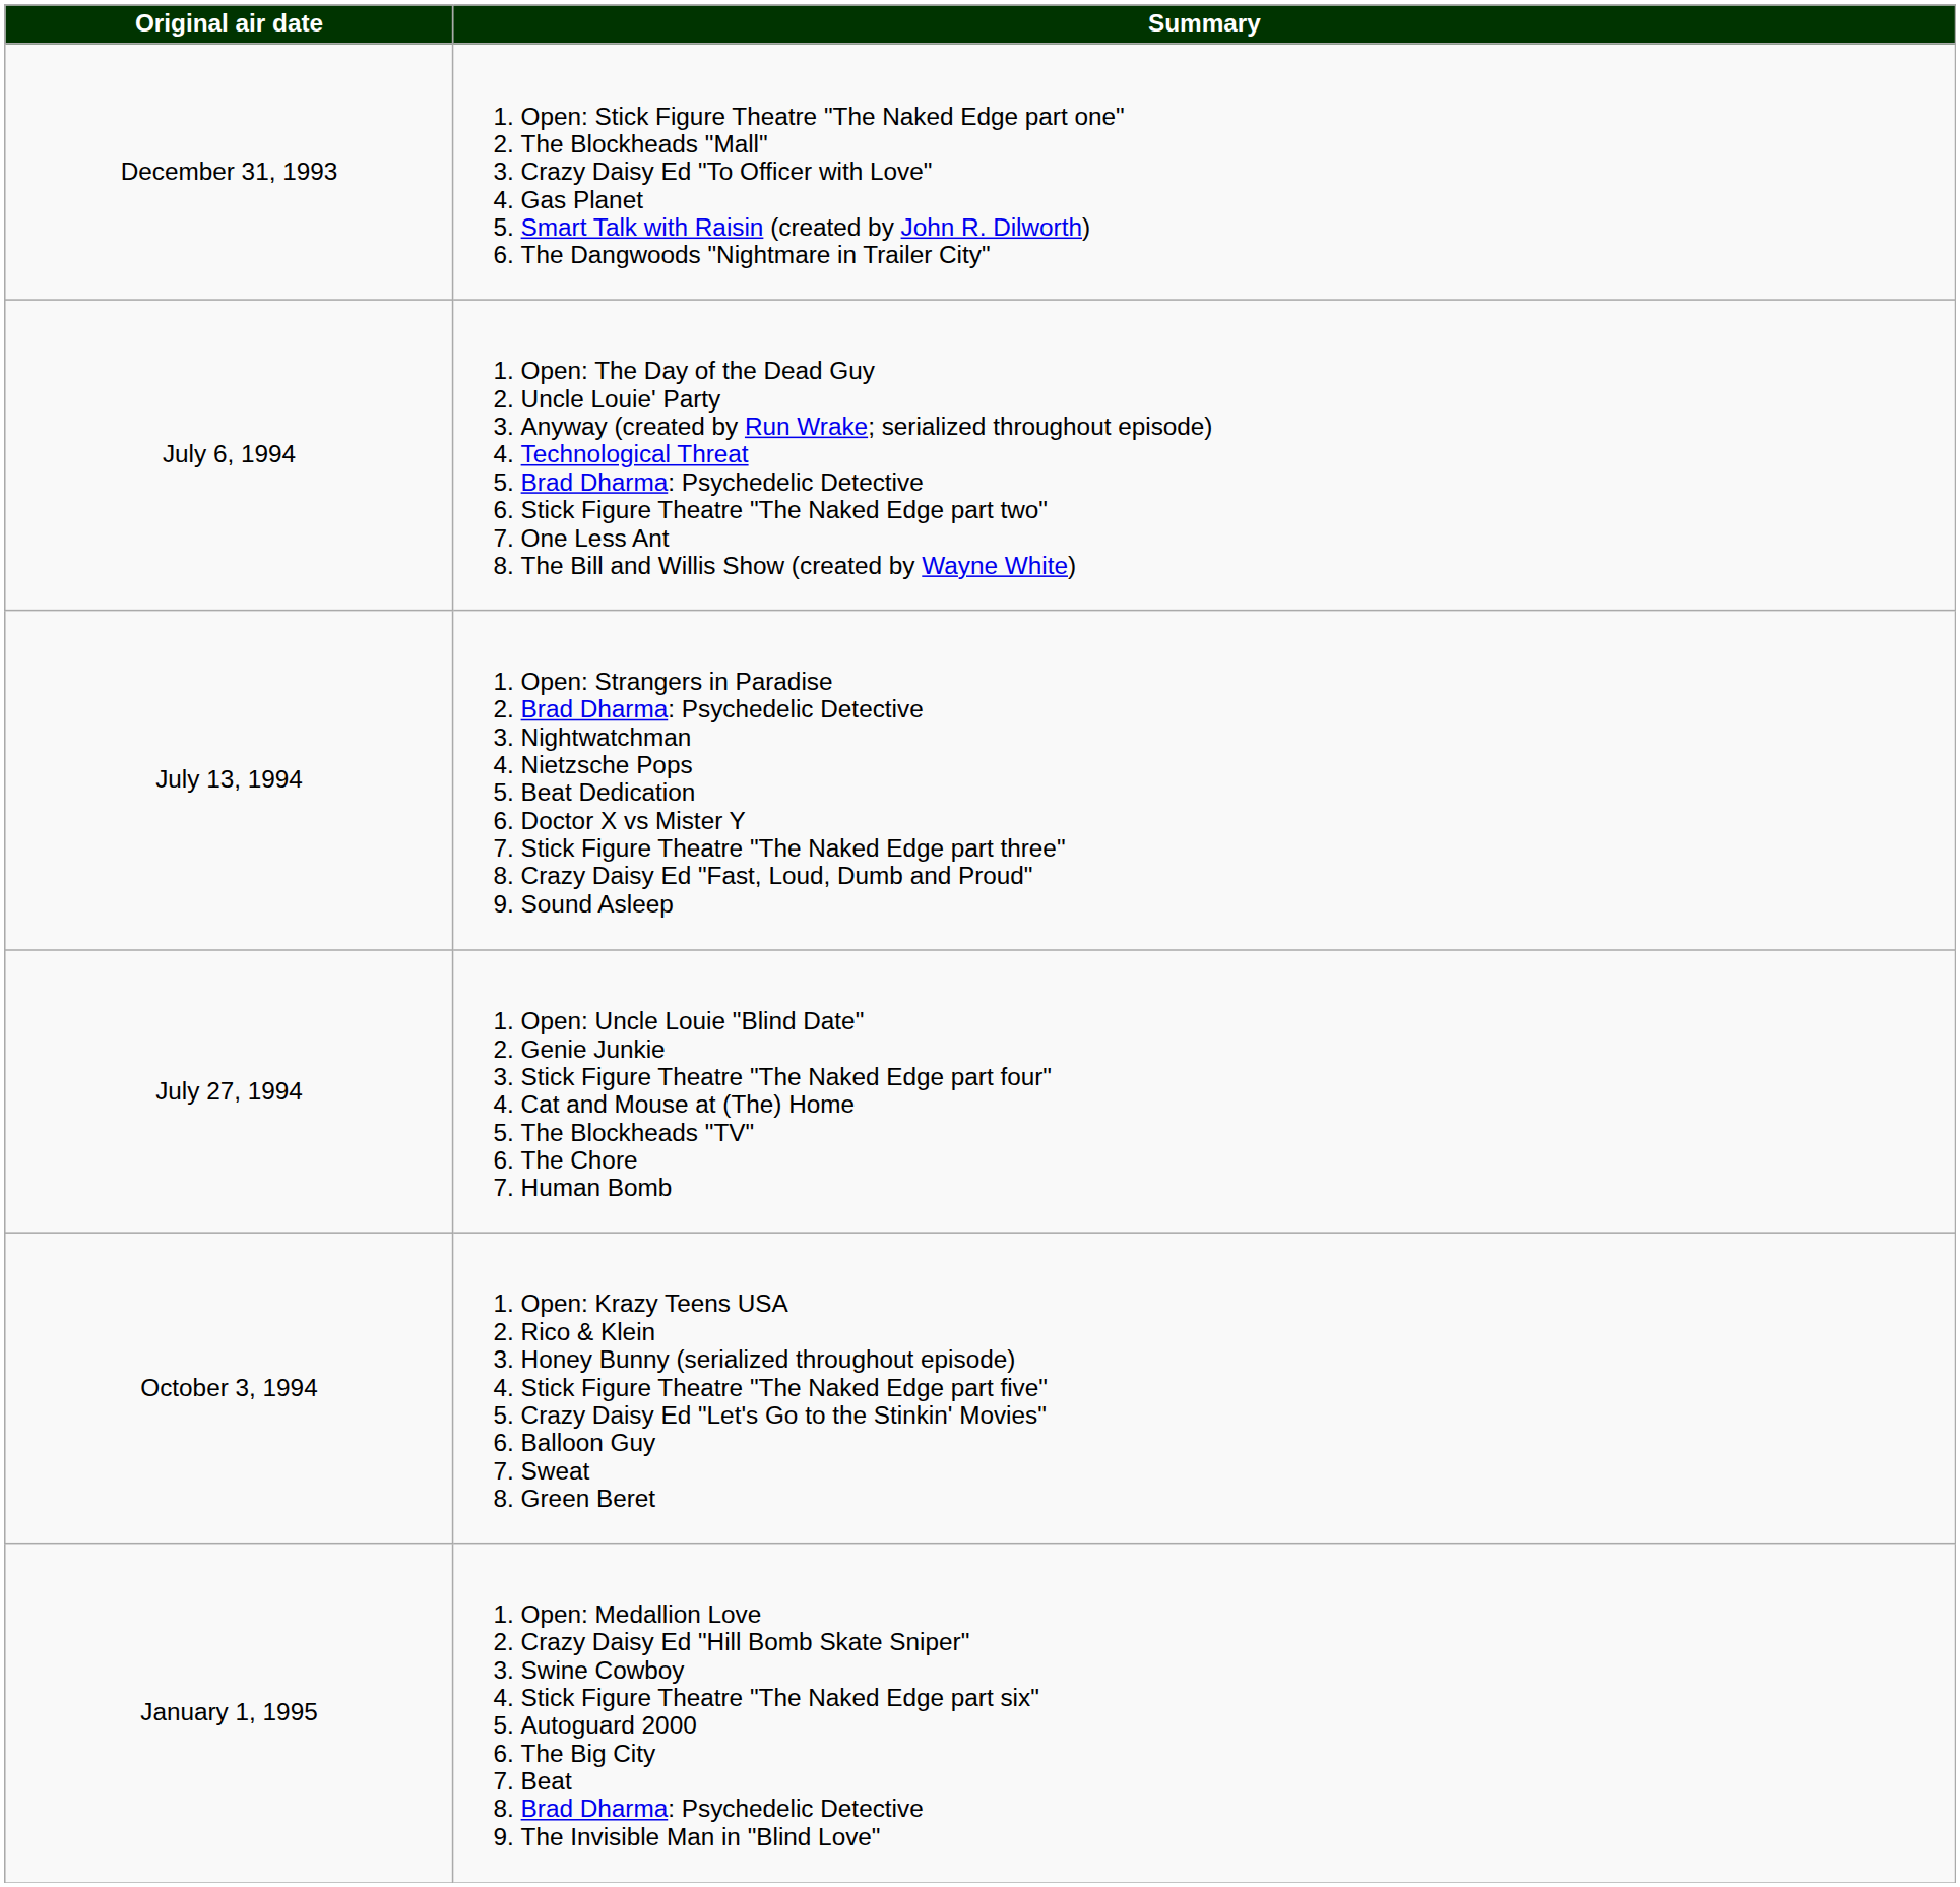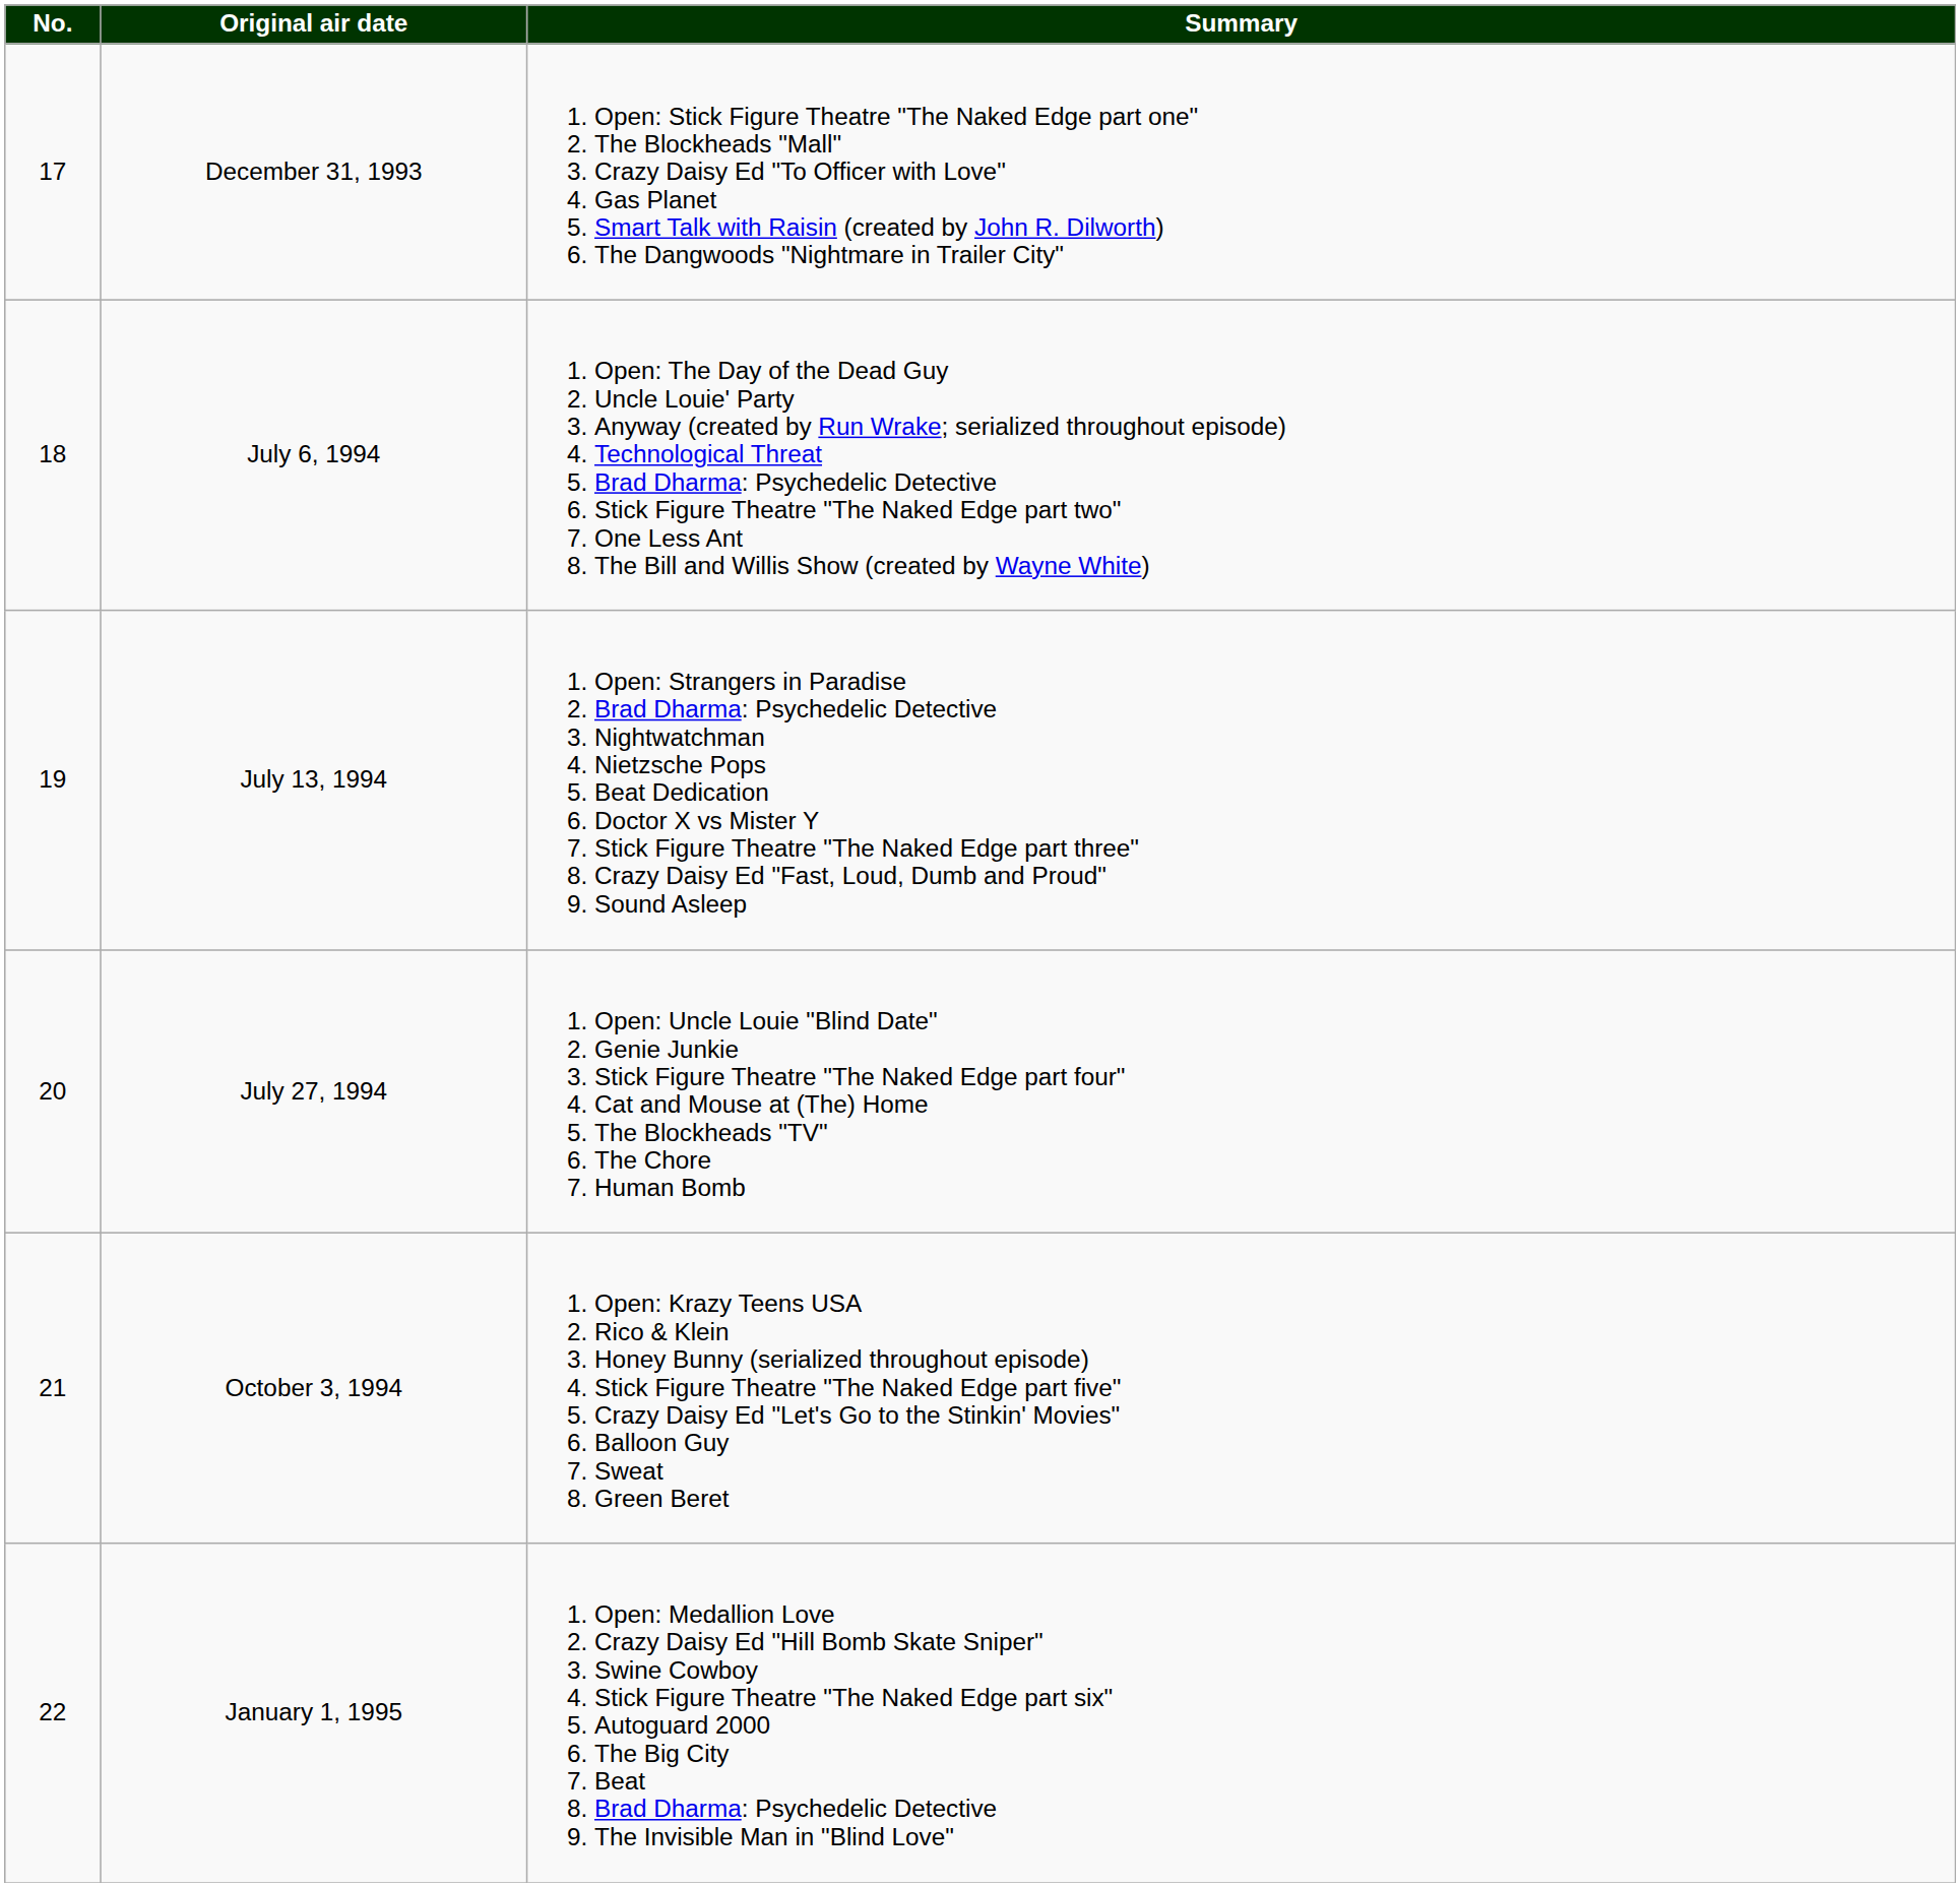 <table class="wikitable plainrowheaders" border="1" style="width:100%;">
 <tr style="color:white;">
+<th style="background:#003400">No.</th>
 <th style="background:#003400">Original air date</th>
 <th style="background:#003400">Summary</th>
 </tr>
 <tr>
+<td style="text-align:center;">17</td>
 <td style="text-align:center;">December 31, 1993</td>
 <td><br><ol><li>Open: Stick Figure Theatre "The Naked Edge part one"</li><li>The Blockheads "Mall"</li><li>Crazy Daisy Ed "To Officer with Love"</li><li>Gas Planet</li><li><a href='#'>Smart Talk with Raisin</a> (created by <a href='#'>John R. Dilworth</a>)</li><li>The Dangwoods "Nightmare in Trailer City"</li></ol></td>
 </tr>
 <tr>
+<td style="text-align:center;">18</td>
 <td style="text-align:center;">July 6, 1994</td>
 <td><br><ol><li>Open: The Day of the Dead Guy</li><li>Uncle Louie' Party</li><li>Anyway (created by <a href='#'>Run Wrake</a>; serialized throughout episode)</li><li><a href='#'>Technological Threat</a></li><li><a href='#'>Brad Dharma</a>: Psychedelic Detective</li><li>Stick Figure Theatre "The Naked Edge part two"</li><li>One Less Ant</li><li>The Bill and Willis Show (created by <a href='#'>Wayne White</a>)</li></ol></td>
 </tr>
 <tr>
+<td style="text-align:center;">19</td>
 <td style="text-align:center;">July 13, 1994</td>
 <td><br><ol><li>Open: Strangers in Paradise</li><li><a href='#'>Brad Dharma</a>: Psychedelic Detective</li><li>Nightwatchman</li><li>Nietzsche Pops</li><li>Beat Dedication</li><li>Doctor X vs Mister Y</li><li>Stick Figure Theatre "The Naked Edge part three"</li><li>Crazy Daisy Ed "Fast, Loud, Dumb and Proud"</li><li>Sound Asleep</li></ol></td>
 </tr>
 <tr>
+<td style="text-align:center;">20</td>
 <td style="text-align:center;">July 27, 1994</td>
 <td><br><ol><li>Open: Uncle Louie "Blind Date"</li><li>Genie Junkie</li><li>Stick Figure Theatre "The Naked Edge part four"</li><li>Cat and Mouse at (The) Home</li><li>The Blockheads "TV"</li><li>The Chore</li><li>Human Bomb</li></ol></td>
 </tr>
 <tr>
+<td style="text-align:center;">21</td>
 <td style="text-align:center;">October 3, 1994</td>
 <td><br><ol><li>Open: Krazy Teens USA</li><li>Rico & Klein</li><li>Honey Bunny (serialized throughout episode)</li><li>Stick Figure Theatre "The Naked Edge part five"</li><li>Crazy Daisy Ed "Let's Go to the Stinkin' Movies"</li><li>Balloon Guy</li><li>Sweat</li><li>Green Beret</li></ol></td>
 </tr>
 <tr>
+<td style="text-align:center;">22</td>
 <td style="text-align:center;">January 1, 1995</td>
 <td><br><ol><li>Open: Medallion Love</li><li>Crazy Daisy Ed "Hill Bomb Skate Sniper"</li><li>Swine Cowboy</li><li>Stick Figure Theatre "The Naked Edge part six"</li><li>Autoguard 2000</li><li>The Big City</li><li>Beat</li><li><a href='#'>Brad Dharma</a>: Psychedelic Detective</li><li>The Invisible Man in "Blind Love"</li></ol></td>
 </tr>
 </table>
